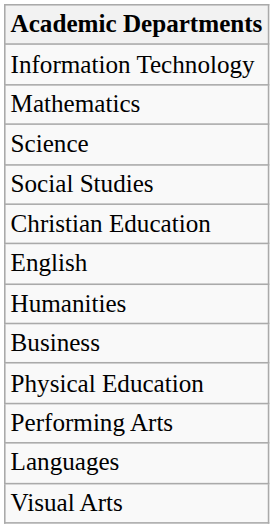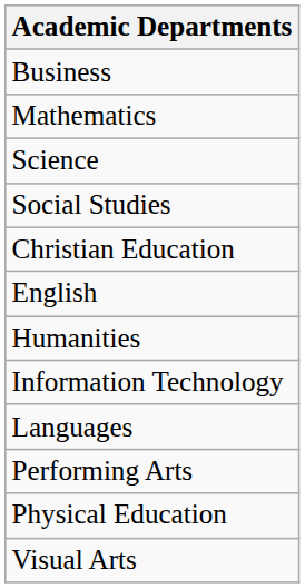 <table class="wikitable">
 <tr>
 <th>Academic Departments</th>
 </tr>
 <tr>
-<td>Information Technology</td>
+<td>Business</td>
 </tr>
 <tr>
 <td>Mathematics</td>
 </tr>
 <tr>
 <td>Science</td>
 </tr>
 <tr>
 <td>Social Studies</td>
 </tr>
 <tr>
 <td>Christian Education</td>
 </tr>
 <tr>
 <td>English</td>
 </tr>
 <tr>
 <td>Humanities</td>
 </tr>
 <tr>
-<td>Business</td>
+<td>Information Technology</td>
+</tr>
+<tr>
+<td>Languages</td>
+</tr>
+<tr>
+<td>Performing Arts</td>
 </tr>
 <tr>
 <td>Physical Education</td>
 </tr>
 <tr>
-<td>Performing Arts</td>
-</tr>
-<tr>
-<td>Languages</td>
-</tr>
-<tr>
 <td>Visual Arts</td>
 </tr>
 </table>
